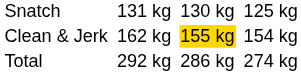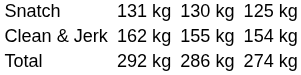 <table>
 <tr>
 <td>Snatch</td>
 <td></td>
 <td>131 kg</td>
 <td></td>
 <td>130 kg</td>
 <td></td>
 <td>125 kg</td>
 </tr>
 <tr>
 <td>Clean & Jerk</td>
 <td></td>
 <td>162 kg</td>
 <td></td>
-<td style="background: gold;">155 kg</td>
+<td>155 kg</td>
 <td></td>
 <td>154 kg</td>
 </tr>
 <tr>
 <td>Total</td>
 <td></td>
 <td>292 kg</td>
 <td></td>
 <td>286 kg</td>
 <td></td>
 <td>274 kg</td>
 </tr>
 </table>
